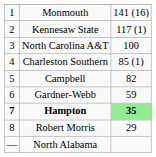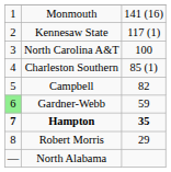 <table class="wikitable">
 <tr align="center">
 </tr>
 <tr align="center">
 <td>1</td>
 <td>Monmouth</td>
 <td>141 (16)</td>
 </tr>
 <tr align="center">
 <td>2</td>
 <td>Kennesaw State</td>
 <td>117 (1)</td>
 </tr>
 <tr align="center">
 <td>3</td>
 <td>North Carolina A&T</td>
 <td>100</td>
 </tr>
 <tr align="center">
 <td>4</td>
 <td>Charleston Southern</td>
 <td>85 (1)</td>
 </tr>
 <tr align="center">
 <td>5</td>
 <td>Campbell</td>
 <td>82</td>
 </tr>
 <tr align="center">
-<td>6</td>
+<td style="background: lightgreen;">6</td>
 <td>Gardner-Webb</td>
 <td>59</td>
 </tr>
 <tr align="center">
 <td><strong>7</strong></td>
 <td><strong>Hampton</strong></td>
-<td style="background: lightgreen;"><strong>35</strong></td>
+<td><strong>35</strong></td>
 </tr>
 <tr align="center">
 <td>8</td>
 <td>Robert Morris</td>
 <td>29</td>
 </tr>
 <tr align="center">
 <td>—</td>
 <td>North Alabama</td>
 <td></td>
 </tr>
 </table>
